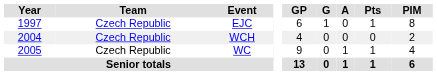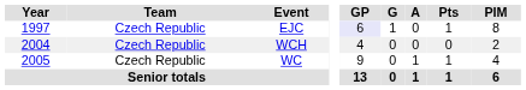 <table border="0" cellpadding="1" cellspacing="0" style="text-align:center; width:40em">
 <tr ALIGN="center" bgcolor="#e0e0e0">
 <th>Year</th>
 <th>Team</th>
 <th>Event</th>
 <th rowspan="99" bgcolor="#ffffff"> </th>
 <th>GP</th>
 <th>G</th>
 <th>A</th>
 <th>Pts</th>
 <th>PIM</th>
 </tr>
 <tr>
 <td><a href='#'>1997</a></td>
 <td><a href='#'>Czech Republic</a></td>
 <td><a href='#'>EJC</a></td>
-<td>6</td>
+<td style="background: lavender;">6</td>
 <td>1</td>
 <td>0</td>
 <td>1</td>
 <td>8</td>
 </tr>
 <tr bgcolor="#f0f0f0">
 <td><a href='#'>2004</a></td>
 <td><a href='#'>Czech Republic</a></td>
 <td><a href='#'>WCH</a></td>
 <td>4</td>
 <td>0</td>
 <td>0</td>
 <td>0</td>
 <td>2</td>
 </tr>
 <tr>
 <td><a href='#'>2005</a></td>
 <td>Czech Republic</td>
 <td><a href='#'>WC</a></td>
 <td>9</td>
 <td>0</td>
 <td>1</td>
 <td>1</td>
 <td>4</td>
 </tr>
 <tr bgcolor="#e0e0e0">
 <th colspan=3>Senior totals</th>
 <th>13</th>
 <th>0</th>
 <th>1</th>
 <th>1</th>
 <th>6</th>
 </tr>
 </table>
